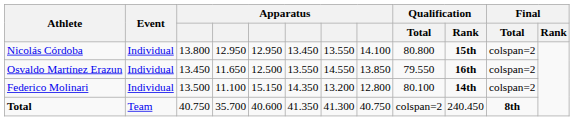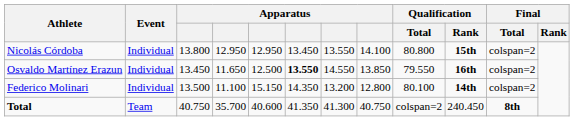 <table class="wikitable" style="font-size:90%">
 <tr>
 <th rowspan="2">Athlete</th>
 <th rowspan="2">Event</th>
 <th colspan = "6">Apparatus</th>
 <th colspan = "2">Qualification</th>
 <th colspan = "2">Final</th>
 </tr>
 <tr>
 <th></th>
 <th></th>
 <th></th>
 <th></th>
 <th></th>
 <th></th>
 <th>Total</th>
 <th>Rank</th>
 <th>Total</th>
 <th>Rank</th>
 </tr>
 <tr align=center>
 <td align=left><a href='#'>Nicolás Córdoba</a></td>
 <td align=left><a href='#'>Individual</a></td>
 <td>13.800</td>
 <td>12.950</td>
 <td>12.950</td>
 <td>13.450</td>
 <td>13.550</td>
 <td>14.100</td>
 <td>80.800</td>
 <td><strong>15th</strong></td>
 <td>colspan=2 </td>
 </tr>
 <tr align=center>
 <td align=left><a href='#'>Osvaldo Martínez Erazun</a></td>
 <td align=left><a href='#'>Individual</a></td>
 <td>13.450</td>
 <td>11.650</td>
 <td>12.500</td>
-<td>13.550</td>
+<td><strong>13.550</strong></td>
 <td>14.550</td>
 <td>13.850</td>
 <td>79.550</td>
 <td><strong>16th</strong></td>
 <td>colspan=2 </td>
 </tr>
 <tr align=center>
 <td align=left><a href='#'>Federico Molinari</a></td>
 <td align=left><a href='#'>Individual</a></td>
 <td>13.500</td>
 <td>11.100</td>
 <td>15.150</td>
 <td>14.350</td>
 <td>13.200</td>
 <td>12.800</td>
 <td>80.100</td>
 <td><strong>14th</strong></td>
 <td>colspan=2 </td>
 </tr>
 <tr align=center>
 <td align=left><strong>Total</strong></td>
 <td style="text-align:left;"><a href='#'>Team</a></td>
 <td>40.750</td>
 <td>35.700</td>
 <td>40.600</td>
 <td>41.350</td>
 <td>41.300</td>
 <td>40.750</td>
 <td>colspan=2 </td>
 <td>240.450</td>
 <td><strong>8th</strong></td>
 </tr>
 </table>
